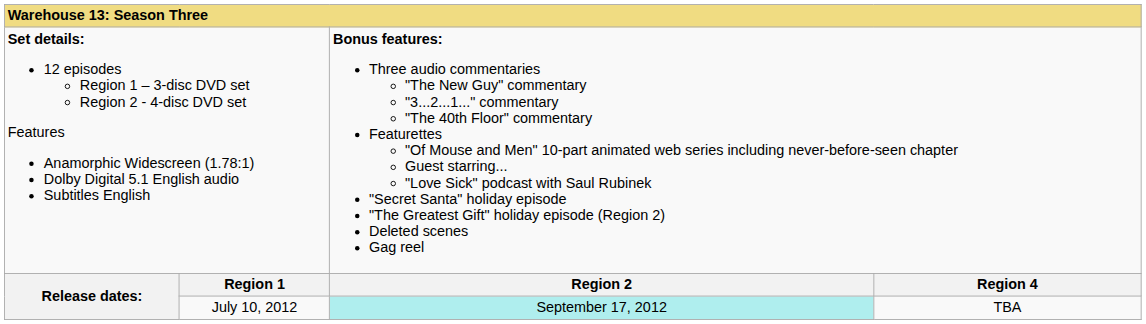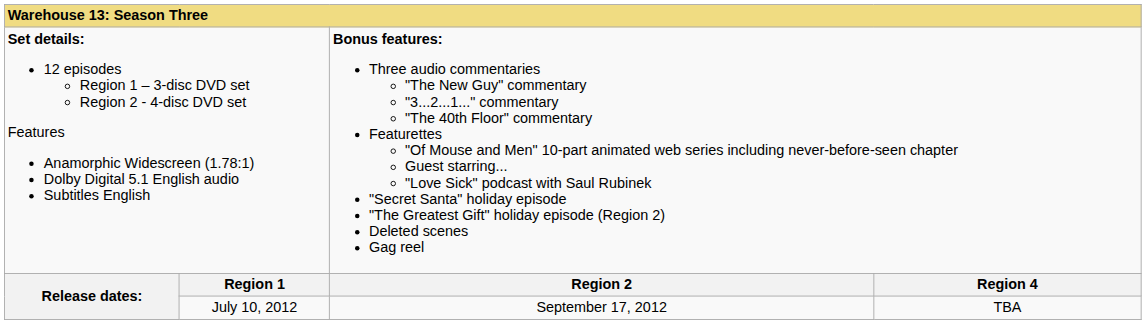 <table class="wikitable" width=100%>
 <tr>
 <td colspan="5" style="background: #F0DC82; color: #000000;"><strong>Warehouse 13: Season Three</strong></td>
 </tr>
 <tr>
 <td colspan="2" valign=top><strong>Set details:</strong><br><ul><li>12 episodes<ul><li>Region 1 – 3-disc DVD set</li><li>Region 2 - 4-disc DVD set</li></ul></li></ul>Features<ul><li>Anamorphic Widescreen (1.78:1)</li><li>Dolby Digital 5.1 English audio</li><li>Subtitles English</li></ul></td>
 <td colspan="3" valign=top><strong>Bonus features:</strong><br><ul><li>Three audio commentaries<ul><li>"The New Guy" commentary</li><li>"3...2...1..." commentary</li><li>"The 40th Floor" commentary</li></ul></li><li>Featurettes<ul><li>"Of Mouse and Men" 10-part animated web series including never-before-seen chapter</li><li>Guest starring...</li><li>"Love Sick" podcast with Saul Rubinek</li></ul></li><li>"Secret Santa" holiday episode</li><li>"The Greatest Gift" holiday episode (Region 2)</li><li>Deleted scenes</li><li>Gag reel</li></ul></td>
 </tr>
 <tr>
 <th rowspan="2">Release dates:</th>
 <th>Region 1</th>
 <th>Region 2</th>
 <th>Region 4</th>
 </tr>
 <tr>
 <td align="center">July 10, 2012</td>
-<td align="center" style="background: paleturquoise;">September 17, 2012</td>
+<td align="center">September 17, 2012</td>
 <td align="center">TBA</td>
 </tr>
 </table>
